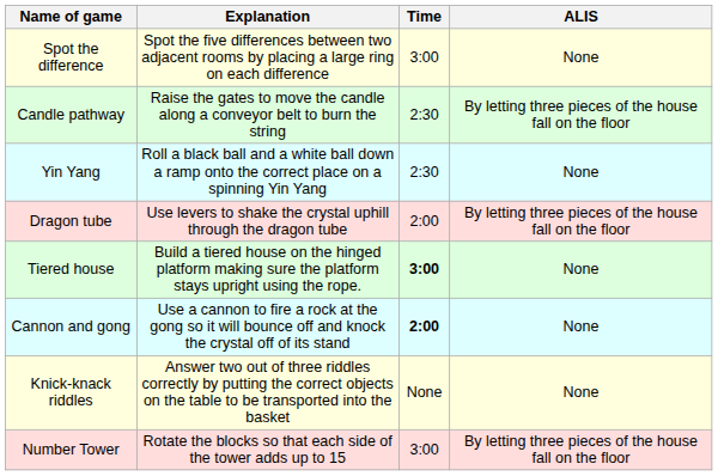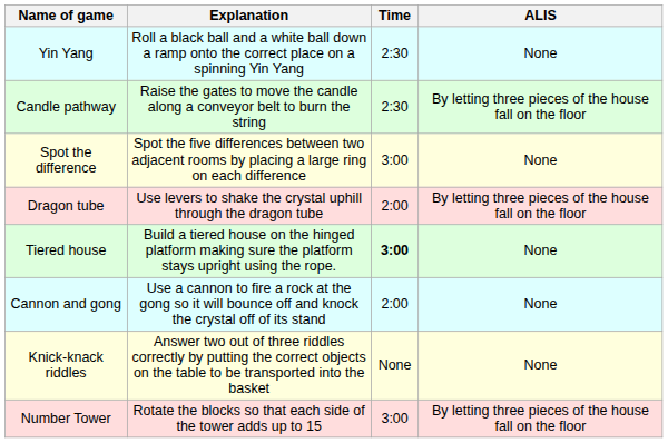 <table class="wikitable sortable"  style="width:60%; left:0 auto; text-align:center;">
 <tr>
 <th style="width:15%;">Name of game</th>
 <th style="width:30%;">Explanation</th>
 <th style="width:5%;">Time</th>
 <th style="width:30%;">ALIS</th>
 </tr>
-<tr style="background:#ffd;">
-<td>Spot the difference</td>
-<td>Spot the five differences between two adjacent rooms by placing a large ring on each difference</td>
-<td>3:00</td>
+<tr style="background:#dff;">
+<td>Yin Yang</td>
+<td>Roll a black ball and a white ball down a ramp onto the correct place on a spinning Yin Yang</td>
+<td>2:30</td>
 <td>None</td>
 </tr>
 <tr style="background:#dfd;">
 <td>Candle pathway</td>
 <td>Raise the gates to move the candle along a conveyor belt to burn the string</td>
 <td>2:30</td>
 <td>By letting three pieces of the house fall on the floor</td>
 </tr>
-<tr style="background:#dff;">
-<td>Yin Yang</td>
-<td>Roll a black ball and a white ball down a ramp onto the correct place on a spinning Yin Yang</td>
-<td>2:30</td>
+<tr style="background:#ffd;">
+<td>Spot the difference</td>
+<td>Spot the five differences between two adjacent rooms by placing a large ring on each difference</td>
+<td>3:00</td>
 <td>None</td>
 </tr>
 <tr style="background:#fdd;">
 <td>Dragon tube</td>
 <td>Use levers to shake the crystal uphill through the dragon tube</td>
 <td>2:00</td>
 <td>By letting three pieces of the house fall on the floor</td>
 </tr>
 <tr style="background:#dfd;">
 <td>Tiered house</td>
 <td>Build a tiered house on the hinged platform making sure the platform stays upright using the rope.</td>
 <td><strong>3:00</strong></td>
 <td>None</td>
 </tr>
 <tr style="background:#dff;">
 <td>Cannon and gong</td>
 <td>Use a cannon to fire a rock at the gong so it will bounce off and knock the crystal off of its stand</td>
-<td><strong>2:00</strong></td>
+<td>2:00</td>
 <td>None</td>
 </tr>
 <tr style="background:#ffd;">
 <td>Knick-knack riddles</td>
 <td>Answer two out of three riddles correctly by putting the correct objects on the table to be transported into the basket</td>
 <td>None</td>
 <td>None</td>
 </tr>
 <tr style="background:#fdd;">
 <td>Number Tower</td>
 <td>Rotate the blocks so that each side of the tower adds up to 15</td>
 <td>3:00</td>
 <td>By letting three pieces of the house fall on the floor</td>
 </tr>
 </table>
